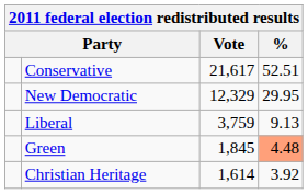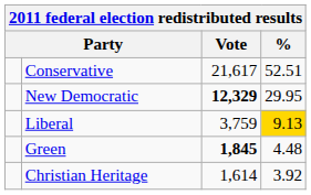 <table class="wikitable">
 <tr>
 <th colspan="4"><a href='#'>2011 federal election</a> redistributed results</th>
 </tr>
 <tr>
 <th bgcolor="#DDDDFF" width="130px" colspan="2">Party</th>
 <th bgcolor="#DDDDFF" width="50px">Vote</th>
 <th bgcolor="#DDDDFF" width="30px">%</th>
 </tr>
 <tr>
 <td> </td>
 <td><a href='#'>Conservative</a></td>
 <td align=right>21,617</td>
 <td align=right>52.51</td>
 </tr>
 <tr>
 <td> </td>
 <td><a href='#'>New Democratic</a></td>
-<td align=right>12,329</td>
+<td align=right><strong>12,329</strong></td>
 <td align=right>29.95</td>
 </tr>
 <tr>
 <td> </td>
 <td><a href='#'>Liberal</a></td>
 <td align=right>3,759</td>
-<td align=right>9.13</td>
+<td align=right style="background: gold;">9.13</td>
 </tr>
 <tr>
 <td> </td>
 <td><a href='#'>Green</a></td>
-<td align=right>1,845</td>
-<td align=right style="background: lightsalmon;">4.48</td>
+<td align=right><strong>1,845</strong></td>
+<td align=right>4.48</td>
 </tr>
 <tr>
 <td> </td>
 <td><a href='#'>Christian Heritage</a></td>
 <td align=right>1,614</td>
 <td align=right>3.92</td>
 </tr>
 </table>
